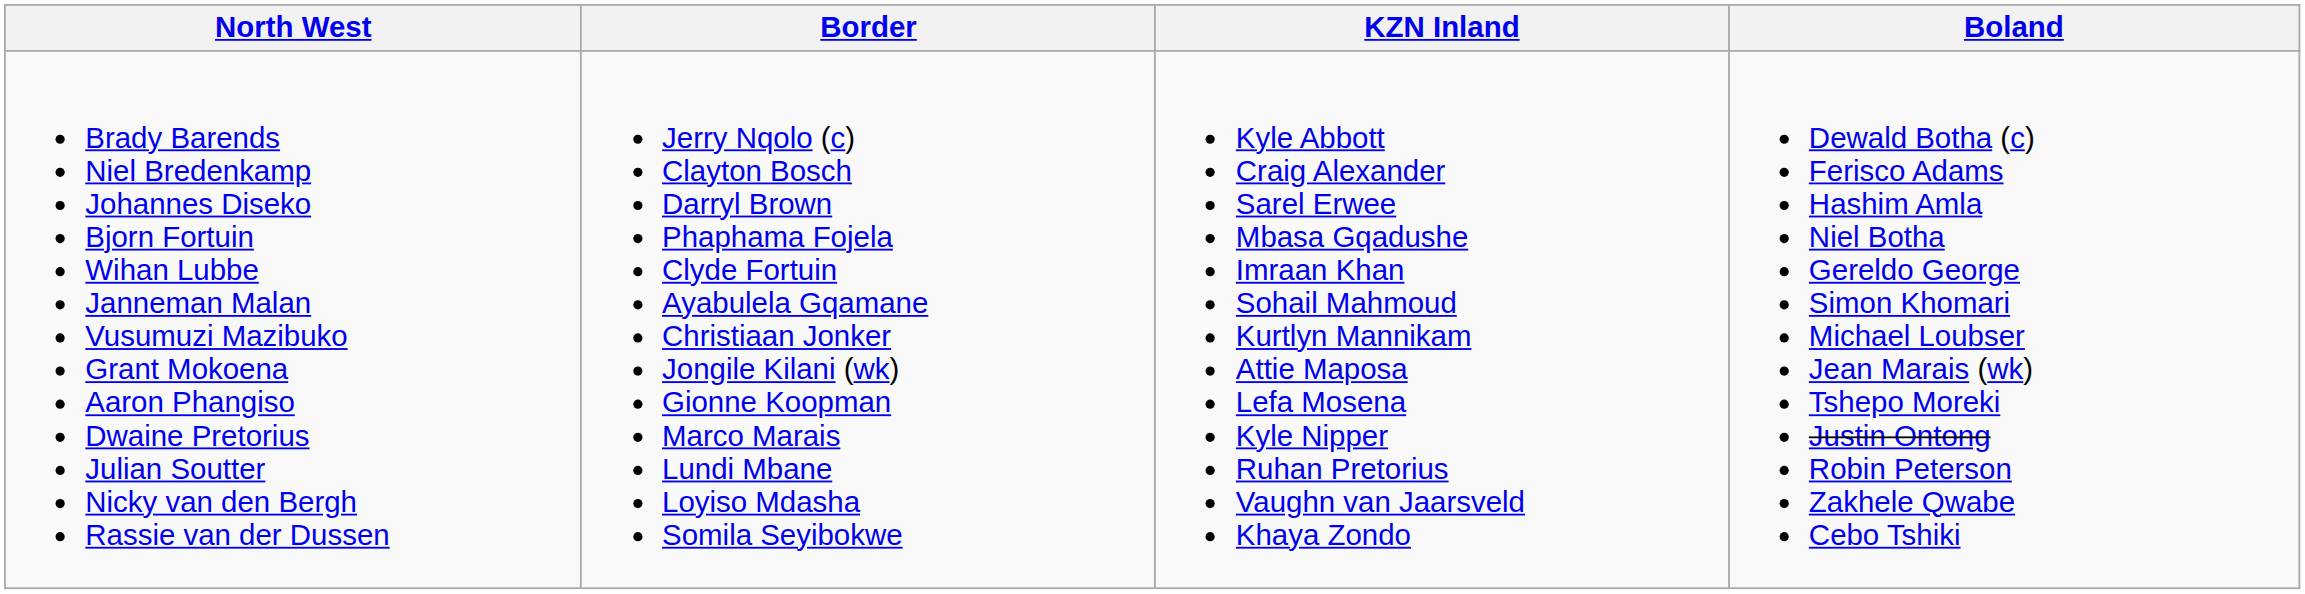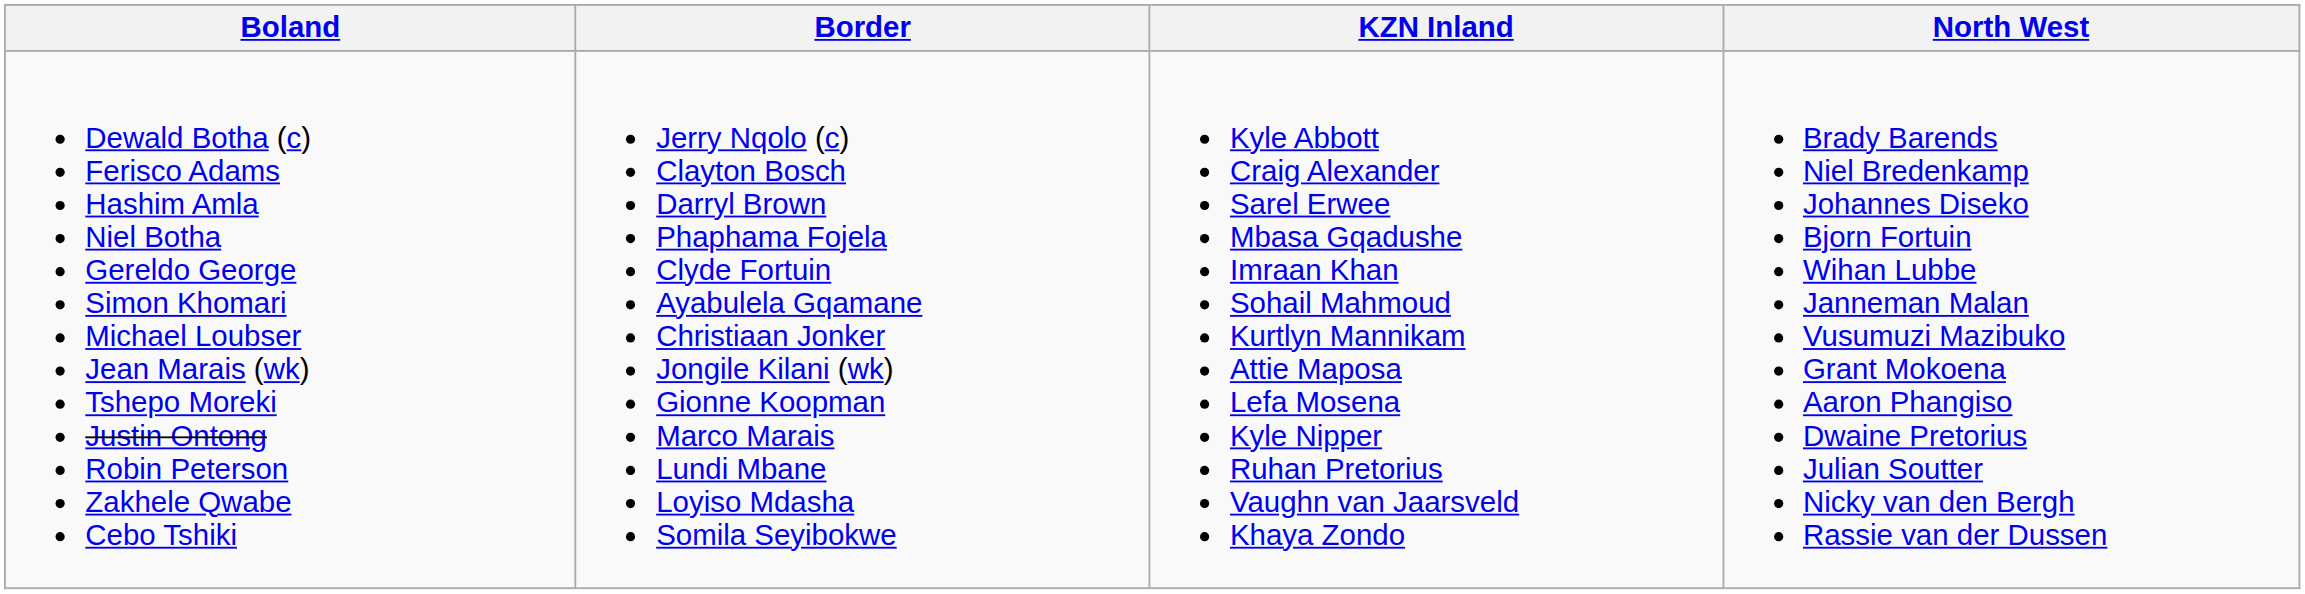 <table class="wikitable">
 <tr>
-<th width=330> <a href='#'>North West</a></th>
+<th width=330> <a href='#'>Boland</a><br><small></small></th>
 <th width=330> <a href='#'>Border</a><br><small></small></th>
 <th width=330> <a href='#'>KZN Inland</a></th>
-<th width=330> <a href='#'>Boland</a><br><small></small></th>
+<th width=330> <a href='#'>North West</a></th>
 </tr>
 <tr>
-<td valign=top><br><ul><li><a href='#'>Brady Barends</a></li><li><a href='#'>Niel Bredenkamp</a></li><li><a href='#'>Johannes Diseko</a></li><li><a href='#'>Bjorn Fortuin</a></li><li><a href='#'>Wihan Lubbe</a></li><li><a href='#'>Janneman Malan</a></li><li><a href='#'>Vusumuzi Mazibuko</a></li><li><a href='#'>Grant Mokoena</a></li><li><a href='#'>Aaron Phangiso</a></li><li><a href='#'>Dwaine Pretorius</a></li><li><a href='#'>Julian Soutter</a></li><li><a href='#'>Nicky van den Bergh</a></li><li><a href='#'>Rassie van der Dussen</a></li></ul></td>
+<td valign=top><br><ul><li><a href='#'>Dewald Botha</a> (<a href='#'>c</a>)</li><li><a href='#'>Ferisco Adams</a></li><li><a href='#'>Hashim Amla</a></li><li><a href='#'>Niel Botha</a></li><li><a href='#'>Gereldo George</a></li><li><a href='#'>Simon Khomari</a></li><li><a href='#'>Michael Loubser</a></li><li><a href='#'>Jean Marais</a> (<a href='#'>wk</a>)</li><li><a href='#'>Tshepo Moreki</a></li><li><s><a href='#'>Justin Ontong</a></s></li><li><a href='#'>Robin Peterson</a></li><li><a href='#'>Zakhele Qwabe</a></li><li><a href='#'>Cebo Tshiki</a></li></ul></td>
 <td valign=top><br><ul><li><a href='#'>Jerry Nqolo</a> (<a href='#'>c</a>)</li><li><a href='#'>Clayton Bosch</a></li><li><a href='#'>Darryl Brown</a></li><li><a href='#'>Phaphama Fojela</a></li><li><a href='#'>Clyde Fortuin</a></li><li><a href='#'>Ayabulela Gqamane</a></li><li><a href='#'>Christiaan Jonker</a></li><li><a href='#'>Jongile Kilani</a> (<a href='#'>wk</a>)</li><li><a href='#'>Gionne Koopman</a></li><li><a href='#'>Marco Marais</a></li><li><a href='#'>Lundi Mbane</a></li><li><a href='#'>Loyiso Mdasha</a></li><li><a href='#'>Somila Seyibokwe</a></li></ul></td>
 <td valign=top><br><ul><li><a href='#'>Kyle Abbott</a></li><li><a href='#'>Craig Alexander</a></li><li><a href='#'>Sarel Erwee</a></li><li><a href='#'>Mbasa Gqadushe</a></li><li><a href='#'>Imraan Khan</a></li><li><a href='#'>Sohail Mahmoud</a></li><li><a href='#'>Kurtlyn Mannikam</a></li><li><a href='#'>Attie Maposa</a></li><li><a href='#'>Lefa Mosena</a></li><li><a href='#'>Kyle Nipper</a></li><li><a href='#'>Ruhan Pretorius</a></li><li><a href='#'>Vaughn van Jaarsveld</a></li><li><a href='#'>Khaya Zondo</a></li></ul></td>
-<td valign=top><br><ul><li><a href='#'>Dewald Botha</a> (<a href='#'>c</a>)</li><li><a href='#'>Ferisco Adams</a></li><li><a href='#'>Hashim Amla</a></li><li><a href='#'>Niel Botha</a></li><li><a href='#'>Gereldo George</a></li><li><a href='#'>Simon Khomari</a></li><li><a href='#'>Michael Loubser</a></li><li><a href='#'>Jean Marais</a> (<a href='#'>wk</a>)</li><li><a href='#'>Tshepo Moreki</a></li><li><s><a href='#'>Justin Ontong</a></s></li><li><a href='#'>Robin Peterson</a></li><li><a href='#'>Zakhele Qwabe</a></li><li><a href='#'>Cebo Tshiki</a></li></ul></td>
+<td valign=top><br><ul><li><a href='#'>Brady Barends</a></li><li><a href='#'>Niel Bredenkamp</a></li><li><a href='#'>Johannes Diseko</a></li><li><a href='#'>Bjorn Fortuin</a></li><li><a href='#'>Wihan Lubbe</a></li><li><a href='#'>Janneman Malan</a></li><li><a href='#'>Vusumuzi Mazibuko</a></li><li><a href='#'>Grant Mokoena</a></li><li><a href='#'>Aaron Phangiso</a></li><li><a href='#'>Dwaine Pretorius</a></li><li><a href='#'>Julian Soutter</a></li><li><a href='#'>Nicky van den Bergh</a></li><li><a href='#'>Rassie van der Dussen</a></li></ul></td>
 </tr>
 </table>
